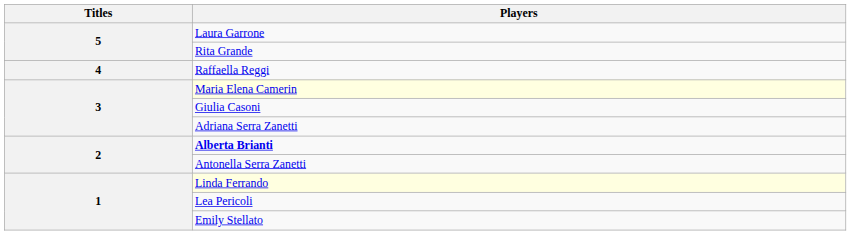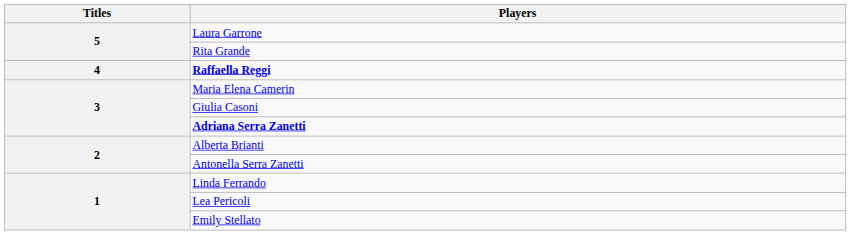 <table class="wikitable" width=90% style="font-size:100%; text-align:left;">
 <tr>
 <th>Titles</th>
 <th>Players</th>
 </tr>
 <tr>
 <th rowspan=2>5</th>
 <td><a href='#'>Laura Garrone</a></td>
 </tr>
 <tr>
 <td><a href='#'>Rita Grande</a></td>
 </tr>
 <tr>
 <th>4</th>
-<td><a href='#'>Raffaella Reggi</a></td>
+<td><strong><a href='#'>Raffaella Reggi</a></strong></td>
 </tr>
 <tr>
 <th rowspan=3>3</th>
-<td style="background: lightyellow;"><a href='#'>Maria Elena Camerin</a></td>
+<td><a href='#'>Maria Elena Camerin</a></td>
 </tr>
 <tr>
 <td><a href='#'>Giulia Casoni</a></td>
 </tr>
 <tr>
-<td><a href='#'>Adriana Serra Zanetti</a></td>
+<td><strong><a href='#'>Adriana Serra Zanetti</a></strong></td>
 </tr>
 <tr>
 <th rowspan=2>2</th>
-<td><strong><a href='#'>Alberta Brianti</a></strong></td>
+<td><a href='#'>Alberta Brianti</a></td>
 </tr>
 <tr>
 <td><a href='#'>Antonella Serra Zanetti</a></td>
 </tr>
 <tr>
 <th rowspan=3>1</th>
-<td style="background: lightyellow;"><a href='#'>Linda Ferrando</a></td>
+<td><a href='#'>Linda Ferrando</a></td>
 </tr>
 <tr>
 <td><a href='#'>Lea Pericoli</a></td>
 </tr>
 <tr>
 <td><a href='#'>Emily Stellato</a></td>
 </tr>
 </table>
